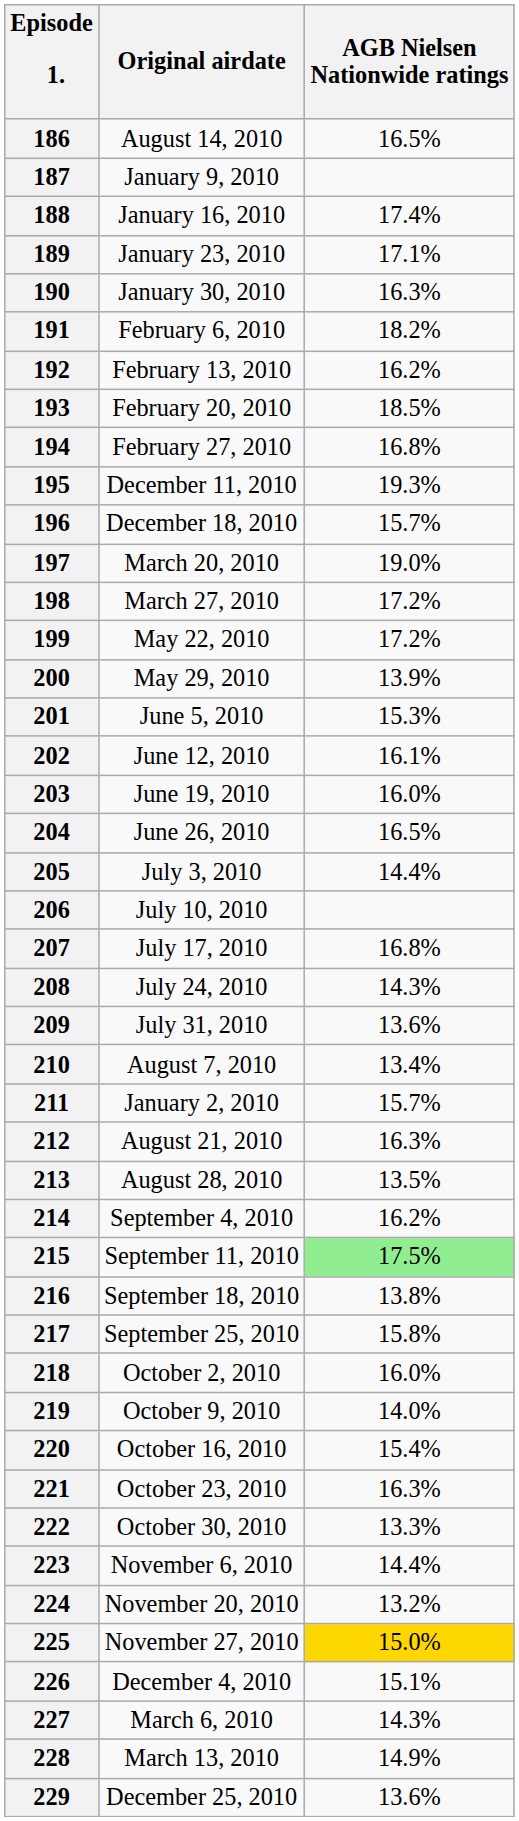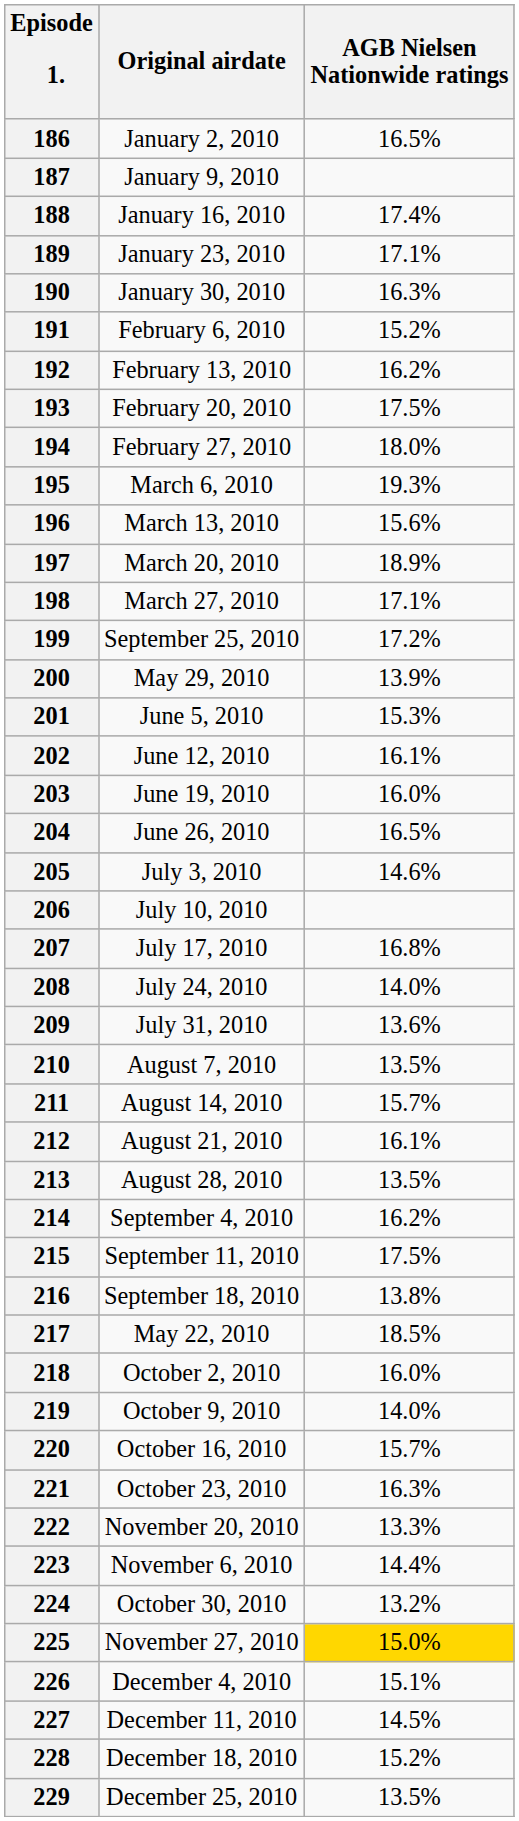 <table class=wikitable style="text-align:center">
 <tr>
 <th>Episode<br><ol><li></li></ol></th>
 <th>Original airdate</th>
 <th>AGB Nielsen<br>Nationwide ratings</th>
 </tr>
 <tr>
 <th>186</th>
-<td>August 14, 2010</td>
+<td>January 2, 2010</td>
 <td>16.5%</td>
 </tr>
 <tr>
 <th>187</th>
 <td>January 9, 2010</td>
 <td></td>
 </tr>
 <tr>
 <th>188</th>
 <td>January 16, 2010</td>
 <td>17.4%</td>
 </tr>
 <tr>
 <th>189</th>
 <td>January 23, 2010</td>
 <td>17.1%</td>
 </tr>
 <tr>
 <th>190</th>
 <td>January 30, 2010</td>
 <td>16.3%</td>
 </tr>
 <tr>
 <th>191</th>
 <td>February 6, 2010</td>
-<td>18.2%</td>
+<td>15.2%</td>
 </tr>
 <tr>
 <th>192</th>
 <td>February 13, 2010</td>
 <td>16.2%</td>
 </tr>
 <tr>
 <th>193</th>
 <td>February 20, 2010</td>
-<td>18.5%</td>
+<td>17.5%</td>
 </tr>
 <tr>
 <th>194</th>
 <td>February 27, 2010</td>
-<td>16.8%</td>
+<td>18.0%</td>
 </tr>
 <tr>
 <th>195</th>
-<td>December 11, 2010</td>
+<td>March 6, 2010</td>
 <td>19.3%</td>
 </tr>
 <tr>
 <th>196</th>
-<td>December 18, 2010</td>
-<td>15.7%</td>
+<td>March 13, 2010</td>
+<td>15.6%</td>
 </tr>
 <tr>
 <th>197</th>
 <td>March 20, 2010</td>
-<td>19.0%</td>
+<td>18.9%</td>
 </tr>
 <tr>
 <th>198</th>
 <td>March 27, 2010</td>
-<td>17.2%</td>
+<td>17.1%</td>
 </tr>
 <tr>
 <th>199</th>
-<td>May 22, 2010</td>
+<td>September 25, 2010</td>
 <td>17.2%</td>
 </tr>
 <tr>
 <th>200</th>
 <td>May 29, 2010</td>
 <td>13.9%</td>
 </tr>
 <tr>
 <th>201</th>
 <td>June 5, 2010</td>
 <td>15.3%</td>
 </tr>
 <tr>
 <th>202</th>
 <td>June 12, 2010</td>
 <td>16.1%</td>
 </tr>
 <tr>
 <th>203</th>
 <td>June 19, 2010</td>
 <td>16.0%</td>
 </tr>
 <tr>
 <th>204</th>
 <td>June 26, 2010</td>
 <td>16.5%</td>
 </tr>
 <tr>
 <th>205</th>
 <td>July 3, 2010</td>
-<td>14.4%</td>
+<td>14.6%</td>
 </tr>
 <tr>
 <th>206</th>
 <td>July 10, 2010</td>
 <td></td>
 </tr>
 <tr>
 <th>207</th>
 <td>July 17, 2010</td>
 <td>16.8%</td>
 </tr>
 <tr>
 <th>208</th>
 <td>July 24, 2010</td>
-<td>14.3%</td>
+<td>14.0%</td>
 </tr>
 <tr>
 <th>209</th>
 <td>July 31, 2010</td>
 <td>13.6%</td>
 </tr>
 <tr>
 <th>210</th>
 <td>August 7, 2010</td>
-<td>13.4%</td>
+<td>13.5%</td>
 </tr>
 <tr>
 <th>211</th>
-<td>January 2, 2010</td>
+<td>August 14, 2010</td>
 <td>15.7%</td>
 </tr>
 <tr>
 <th>212</th>
 <td>August 21, 2010</td>
-<td>16.3%</td>
+<td>16.1%</td>
 </tr>
 <tr>
 <th>213</th>
 <td>August 28, 2010</td>
 <td>13.5%</td>
 </tr>
 <tr>
 <th>214</th>
 <td>September 4, 2010</td>
 <td>16.2%</td>
 </tr>
 <tr>
 <th>215</th>
 <td>September 11, 2010</td>
-<td style="background: lightgreen;">17.5%</td>
+<td>17.5%</td>
 </tr>
 <tr>
 <th>216</th>
 <td>September 18, 2010</td>
 <td>13.8%</td>
 </tr>
 <tr>
 <th>217</th>
-<td>September 25, 2010</td>
-<td>15.8%</td>
+<td>May 22, 2010</td>
+<td>18.5%</td>
 </tr>
 <tr>
 <th>218</th>
 <td>October 2, 2010</td>
 <td>16.0%</td>
 </tr>
 <tr>
 <th>219</th>
 <td>October 9, 2010</td>
 <td>14.0%</td>
 </tr>
 <tr>
 <th>220</th>
 <td>October 16, 2010</td>
-<td>15.4%</td>
+<td>15.7%</td>
 </tr>
 <tr>
 <th>221</th>
 <td>October 23, 2010</td>
 <td>16.3%</td>
 </tr>
 <tr>
 <th>222</th>
-<td>October 30, 2010</td>
+<td>November 20, 2010</td>
 <td>13.3%</td>
 </tr>
 <tr>
 <th>223</th>
 <td>November 6, 2010</td>
 <td>14.4%</td>
 </tr>
 <tr>
 <th>224</th>
-<td>November 20, 2010</td>
+<td>October 30, 2010</td>
 <td>13.2%</td>
 </tr>
 <tr>
 <th>225</th>
 <td>November 27, 2010</td>
 <td style="background: gold;">15.0%</td>
 </tr>
 <tr>
 <th>226</th>
 <td>December 4, 2010</td>
 <td>15.1%</td>
 </tr>
 <tr>
 <th>227</th>
-<td>March 6, 2010</td>
-<td>14.3%</td>
+<td>December 11, 2010</td>
+<td>14.5%</td>
 </tr>
 <tr>
 <th>228</th>
-<td>March 13, 2010</td>
-<td>14.9%</td>
+<td>December 18, 2010</td>
+<td>15.2%</td>
 </tr>
 <tr>
 <th>229</th>
 <td>December 25, 2010</td>
-<td>13.6%</td>
+<td>13.5%</td>
 </tr>
 </table>
